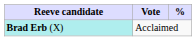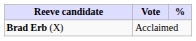 <table class="wikitable">
 <tr>
 <th style="background:#ddf;" width="200px">Reeve candidate</th>
 <th style="background:#ddf;" width="50px">Vote</th>
 <th style="background:#ddf;" width="30px">%</th>
 </tr>
 <tr>
-<td style="background: paleturquoise;"><strong>Brad Erb</strong> (X)</td>
+<td><strong>Brad Erb</strong> (X)</td>
 <td colspan="2">Acclaimed</td>
 </tr>
 </table>
